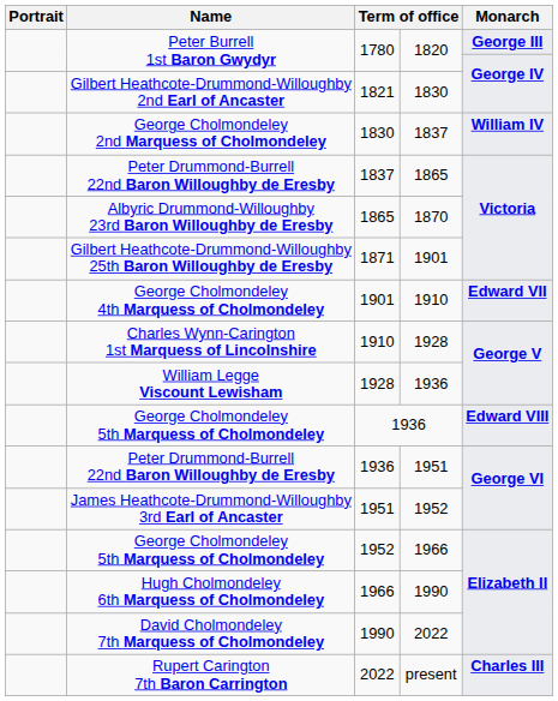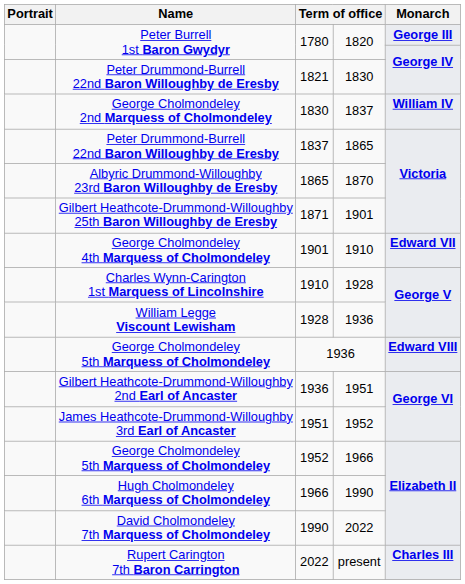 <table class="wikitable mw-collapsible mw-collapsed" style="text-align:Center">
 <tr>
 <th>Portrait</th>
 <th>Name</th>
 <th colspan=2>Term of office</th>
 <th>Monarch<br></th>
 </tr>
 <tr>
 <td rowspan=2></td>
 <td rowspan=2><a href='#'>Peter Burrell<br>1st <strong>Baron Gwydyr</strong></a></td>
 <td rowspan=2>1780</td>
 <td rowspan=2>1820</td>
 <td style="background:#EAECF0"><strong><a href='#'>George III</a></strong><br></td>
 </tr>
 <tr>
 <td rowspan=2 style="background:#EAECF0"><strong><a href='#'>George IV</a></strong><br><br></td>
 </tr>
 <tr>
 <td></td>
-<td><a href='#'>Gilbert Heathcote-Drummond-Willoughby<br>2nd <strong>Earl of Ancaster</strong></a><br></td>
+<td><a href='#'>Peter Drummond-Burrell<br>22nd <strong>Baron Willoughby de Eresby</strong></a><br></td>
 <td>1821</td>
 <td>1830</td>
 </tr>
 <tr>
 <td></td>
 <td><a href='#'>George Cholmondeley<br>2nd <strong>Marquess of Cholmondeley</strong></a><br></td>
 <td>1830</td>
 <td>1837</td>
 <td style="background:#EAECF0"><strong><a href='#'>William IV</a></strong><br><br></td>
 </tr>
 <tr>
 <td></td>
 <td><a href='#'>Peter Drummond-Burrell<br>22nd <strong>Baron Willoughby de Eresby</strong></a><br></td>
 <td>1837</td>
 <td>1865</td>
 <td rowspan=3 style="background:#EAECF0"><a href='#'><strong>Victoria</strong></a><br><br></td>
 </tr>
 <tr>
 <td></td>
 <td><a href='#'>Albyric Drummond-Willoughby<br>23rd <strong>Baron Willoughby de Eresby</strong></a></td>
 <td>1865</td>
 <td>1870</td>
 </tr>
 <tr>
 <td></td>
 <td><a href='#'>Gilbert Heathcote-Drummond-Willoughby<br>25th <strong>Baron Willoughby de Eresby</strong></a><br></td>
 <td>1871</td>
 <td>1901</td>
 </tr>
 <tr>
 <td></td>
 <td><a href='#'>George Cholmondeley<br>4th <strong>Marquess of Cholmondeley</strong></a><br></td>
 <td>1901</td>
 <td>1910</td>
 <td style="background:#EAECF0"><strong><a href='#'>Edward VII</a></strong><br><br></td>
 </tr>
 <tr>
 <td></td>
 <td><a href='#'>Charles Wynn-Carington<br>1st <strong>Marquess of Lincolnshire</strong></a><br></td>
 <td>1910</td>
 <td>1928</td>
 <td rowspan=2 style="background:#EAECF0"><strong><a href='#'>George V</a></strong><br><br></td>
 </tr>
 <tr>
 <td></td>
 <td><a href='#'>William Legge<br><strong>Viscount Lewisham</strong></a><br></td>
 <td>1928</td>
 <td>1936</td>
 </tr>
 <tr>
 <td></td>
 <td><a href='#'>George Cholmondeley<br>5th <strong>Marquess of Cholmondeley</strong></a><br></td>
 <td colspan=2>1936</td>
 <td style="background:#EAECF0"><strong><a href='#'>Edward VIII</a></strong><br><br></td>
 </tr>
 <tr>
 <td></td>
-<td><a href='#'>Peter Drummond-Burrell<br>22nd <strong>Baron Willoughby de Eresby</strong></a><br></td>
+<td><a href='#'>Gilbert Heathcote-Drummond-Willoughby<br>2nd <strong>Earl of Ancaster</strong></a><br></td>
 <td>1936</td>
 <td>1951</td>
 <td rowspan=2 style="background:#EAECF0"><strong><a href='#'>George VI</a></strong><br><br></td>
 </tr>
 <tr>
 <td></td>
 <td><a href='#'>James Heathcote-Drummond-Willoughby<br>3rd <strong>Earl of Ancaster</strong></a><br></td>
 <td>1951</td>
 <td>1952</td>
 </tr>
 <tr>
 <td></td>
 <td><a href='#'>George Cholmondeley<br>5th <strong>Marquess of Cholmondeley</strong></a><br></td>
 <td>1952</td>
 <td>1966</td>
 <td rowspan=3 style="background:#EAECF0"><strong><a href='#'>Elizabeth II</a></strong><br><br></td>
 </tr>
 <tr>
 <td></td>
 <td><a href='#'>Hugh Cholmondeley<br>6th <strong>Marquess of Cholmondeley</strong></a><br></td>
 <td>1966</td>
 <td>1990</td>
 </tr>
 <tr>
 <td></td>
 <td><a href='#'>David Cholmondeley<br>7th <strong>Marquess of Cholmondeley</strong></a><br></td>
 <td>1990</td>
 <td>2022</td>
 </tr>
 <tr>
 <td></td>
 <td><a href='#'>Rupert Carington<br>7th <strong>Baron Carrington</strong></a><br></td>
 <td>2022</td>
 <td>present</td>
 <td style="background:#EAECF0"><strong><a href='#'>Charles III</a></strong><br><br></td>
 </tr>
 </table>
